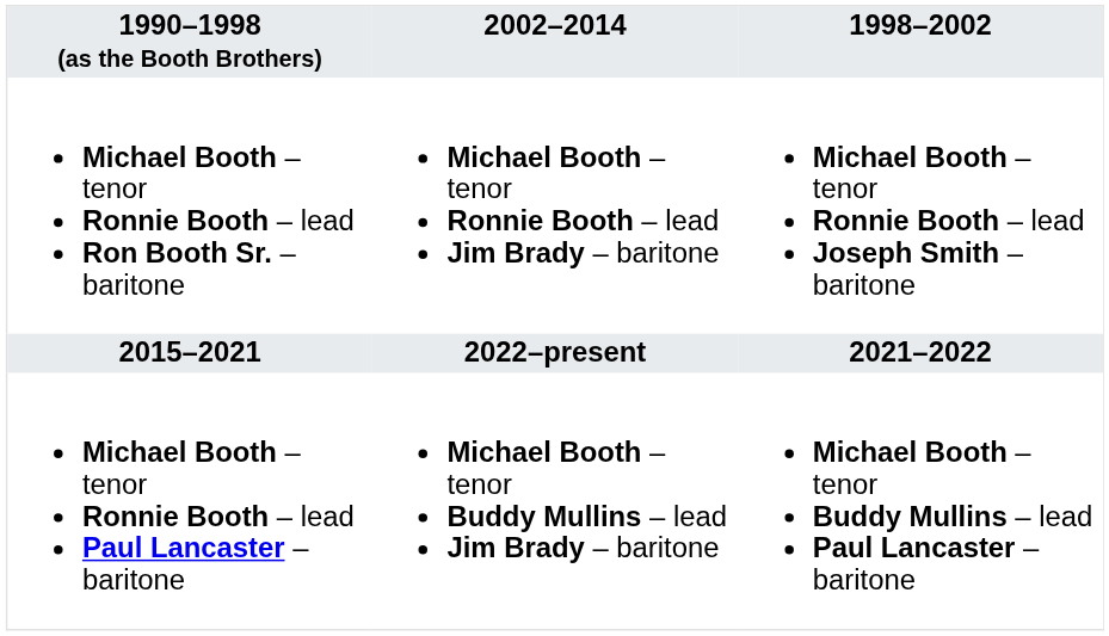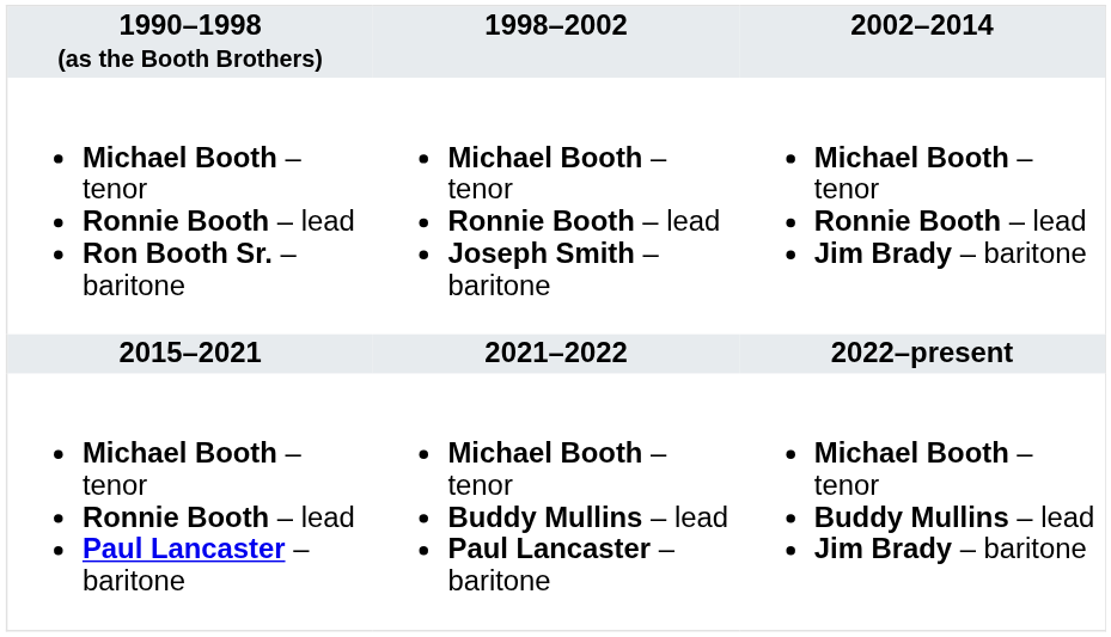 <table class="toccolours" cellspacing="0" cellpadding="2" style="float: width; margin: 0 0 1em 1em; border-collapse: collapse; border: 1px solid #E2E2E2; border:1; width:99%">
 <tr>
 <th width="25%" valign="top" bgcolor="#e7ebee">1990–1998<br><small>(as the Booth Brothers)</small></th>
+<th width="25%" valign="top" bgcolor="#e7ebee">1998–2002</th>
 <th width="25%" valign="top" bgcolor="#e7ebee">2002–2014</th>
-<th width="25%" valign="top" bgcolor="#e7ebee">1998–2002</th>
 </tr>
 <tr>
 <td valign="top"><br><ul><li><strong>Michael Booth</strong> – tenor</li><li><strong>Ronnie Booth</strong> – lead</li><li><strong>Ron Booth Sr.</strong> – baritone</li></ul></td>
+<td valign="top"><br><ul><li><strong>Michael Booth</strong> – tenor</li><li><strong>Ronnie Booth</strong> – lead</li><li><strong>Joseph Smith</strong> – baritone</li></ul></td>
 <td valign="top"><br><ul><li><strong>Michael Booth</strong> – tenor</li><li><strong>Ronnie Booth</strong> – lead</li><li><strong>Jim Brady</strong> – baritone</li></ul></td>
-<td valign="top"><br><ul><li><strong>Michael Booth</strong> – tenor</li><li><strong>Ronnie Booth</strong> – lead</li><li><strong>Joseph Smith</strong> – baritone</li></ul></td>
 </tr>
 <tr>
 <th width="25%" valign="top" bgcolor="#e7ebee">2015–2021</th>
+<th width="25%" valign="top" bgcolor="#e7ebee">2021–2022</th>
 <th width="25%" valign="top" bgcolor="#e7ebee">2022–present</th>
-<th width="25%" valign="top" bgcolor="#e7ebee">2021–2022</th>
 </tr>
 <tr>
 <td valign="top"><br><ul><li><strong>Michael Booth</strong> – tenor</li><li><strong>Ronnie Booth</strong> – lead</li><li><strong><a href='#'>Paul Lancaster</a></strong> – baritone</li></ul></td>
+<td valign="top"><br><ul><li><strong>Michael Booth</strong> – tenor</li><li><strong>Buddy Mullins</strong> – lead</li><li><strong>Paul Lancaster</strong> – baritone</li></ul></td>
 <td valign="top"><br><ul><li><strong>Michael Booth</strong> – tenor</li><li><strong>Buddy Mullins</strong> – lead</li><li><strong>Jim Brady</strong> – baritone</li></ul></td>
-<td valign="top"><br><ul><li><strong>Michael Booth</strong> – tenor</li><li><strong>Buddy Mullins</strong> – lead</li><li><strong>Paul Lancaster</strong> – baritone</li></ul></td>
 </tr>
 </table>
